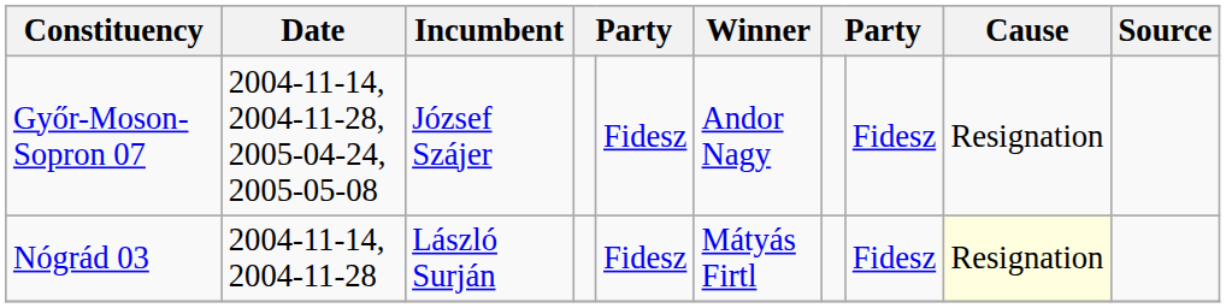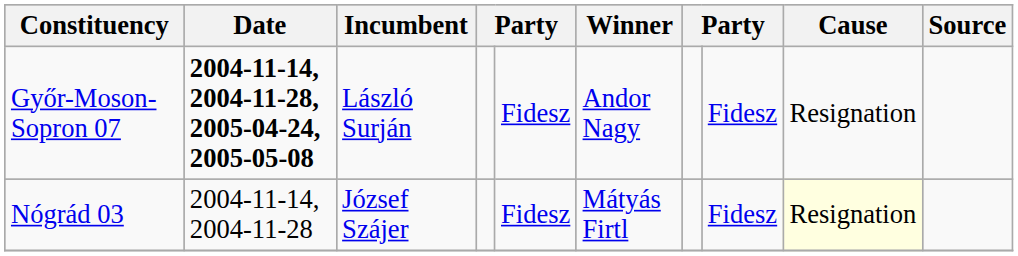 <table class="wikitable">
 <tr>
 <th>Constituency</th>
 <th>Date</th>
 <th>Incumbent</th>
 <th colspan=2>Party</th>
 <th>Winner</th>
 <th colspan=2>Party</th>
 <th>Cause</th>
 <th>Source</th>
 </tr>
 <tr>
 <td><a href='#'>Győr-Moson-Sopron 07</a></td>
-<td>2004-11-14, 2004-11-28, 2005-04-24, 2005-05-08</td>
-<td><a href='#'>József Szájer</a></td>
+<td><strong>2004-11-14, 2004-11-28, 2005-04-24, 2005-05-08</strong></td>
+<td><a href='#'>László Surján</a></td>
 <td style="background-color:"> </td>
 <td><a href='#'>Fidesz</a></td>
 <td><a href='#'>Andor Nagy</a></td>
 <td style="background-color:"> </td>
 <td><a href='#'>Fidesz</a></td>
 <td>Resignation</td>
 <td></td>
 </tr>
 <tr>
 <td><a href='#'>Nógrád 03</a></td>
 <td>2004-11-14, 2004-11-28</td>
-<td><a href='#'>László Surján</a></td>
+<td><a href='#'>József Szájer</a></td>
 <td style="background-color:"> </td>
 <td><a href='#'>Fidesz</a></td>
 <td><a href='#'>Mátyás Firtl</a></td>
 <td style="background-color:"> </td>
 <td><a href='#'>Fidesz</a></td>
 <td style="background: lightyellow;">Resignation</td>
 <td></td>
 </tr>
 <tr>
 </tr>
 </table>
